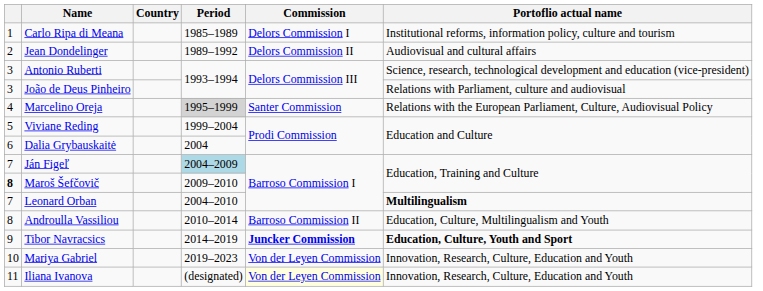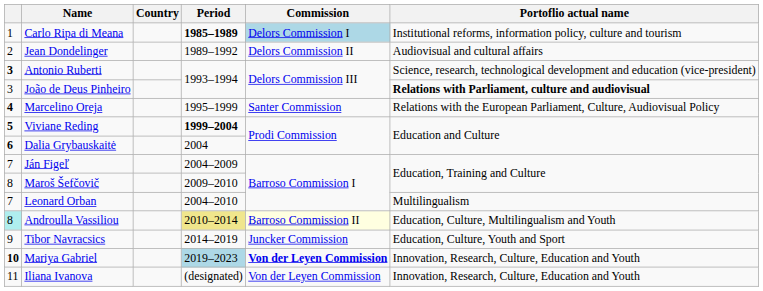 <table class="wikitable">
 <tr>
 <th></th>
 <th>Name</th>
 <th>Country</th>
 <th>Period</th>
 <th>Commission</th>
 <th>Portoflio actual name</th>
 </tr>
 <tr>
 <td>1</td>
 <td><a href='#'>Carlo Ripa di Meana</a></td>
 <td></td>
-<td>1985–1989</td>
-<td><a href='#'>Delors Commission</a> I</td>
+<td><strong>1985–1989</strong></td>
+<td style="background: lightblue;"><a href='#'>Delors Commission</a> I</td>
 <td>Institutional reforms, information policy, culture and tourism</td>
 </tr>
 <tr>
 <td>2</td>
 <td><a href='#'>Jean Dondelinger</a></td>
 <td></td>
 <td>1989–1992</td>
 <td><a href='#'>Delors Commission</a> II</td>
 <td>Audiovisual and cultural affairs</td>
 </tr>
 <tr>
-<td>3</td>
+<td><strong>3</strong></td>
 <td><a href='#'>Antonio Ruberti</a></td>
 <td></td>
 <td rowspan="2">1993–1994</td>
 <td rowspan="2"><a href='#'>Delors Commission</a> III</td>
 <td>Science, research, technological development and education (vice-president)</td>
 </tr>
 <tr>
 <td>3</td>
 <td><a href='#'>João de Deus Pinheiro</a></td>
 <td></td>
-<td>Relations with Parliament, culture and audiovisual</td>
+<td><strong>Relations with Parliament, culture and audiovisual</strong></td>
 </tr>
 <tr>
-<td>4</td>
+<td><strong>4</strong></td>
 <td><a href='#'>Marcelino Oreja</a></td>
 <td></td>
-<td style="background: lightgrey;">1995–1999</td>
+<td>1995–1999</td>
 <td><a href='#'>Santer Commission</a></td>
 <td>Relations with the European Parliament, Culture, Audiovisual Policy</td>
 </tr>
 <tr>
-<td>5</td>
+<td><strong>5</strong></td>
 <td><a href='#'>Viviane Reding</a></td>
 <td></td>
-<td>1999–2004</td>
+<td><strong>1999–2004</strong></td>
 <td rowspan="2"><a href='#'>Prodi Commission</a></td>
 <td rowspan="2">Education and Culture</td>
 </tr>
 <tr>
-<td>6</td>
+<td><strong>6</strong></td>
 <td><a href='#'>Dalia Grybauskaitė</a></td>
 <td></td>
 <td>2004</td>
 </tr>
 <tr>
 <td>7</td>
 <td><a href='#'>Ján Figeľ</a></td>
 <td></td>
-<td style="background: lightblue;">2004–2009</td>
+<td>2004–2009</td>
 <td rowspan="3"><a href='#'>Barroso Commission</a> I</td>
 <td rowspan="2">Education, Training and Culture</td>
 </tr>
 <tr>
-<td><strong>8</strong></td>
+<td>8</td>
 <td><a href='#'>Maroš Šefčovič</a></td>
 <td></td>
 <td>2009–2010</td>
 </tr>
 <tr>
 <td>7</td>
 <td><a href='#'>Leonard Orban</a></td>
 <td></td>
 <td>2004–2010</td>
-<td><strong>Multilingualism</strong></td>
+<td>Multilingualism</td>
 </tr>
 <tr>
-<td>8</td>
+<td style="background: paleturquoise;">8</td>
 <td><a href='#'>Androulla Vassiliou</a></td>
 <td></td>
-<td>2010–2014</td>
-<td><a href='#'>Barroso Commission</a> II</td>
+<td style="background: khaki;">2010–2014</td>
+<td style="background: lightyellow;"><a href='#'>Barroso Commission</a> II</td>
 <td>Education, Culture, Multilingualism and Youth</td>
 </tr>
 <tr>
 <td>9</td>
 <td><a href='#'>Tibor Navracsics</a></td>
 <td></td>
 <td>2014–2019</td>
-<td><strong><a href='#'>Juncker Commission</a></strong></td>
-<td><strong>Education, Culture, Youth and Sport</strong></td>
+<td><a href='#'>Juncker Commission</a></td>
+<td>Education, Culture, Youth and Sport</td>
 </tr>
 <tr>
-<td>10</td>
+<td><strong>10</strong></td>
 <td><a href='#'>Mariya Gabriel</a></td>
 <td></td>
-<td>2019–2023</td>
-<td><a href='#'>Von der Leyen Commission</a></td>
+<td style="background: lightblue;">2019–2023</td>
+<td><strong><a href='#'>Von der Leyen Commission</a></strong></td>
 <td>Innovation, Research, Culture, Education and Youth</td>
 </tr>
 <tr>
 <td>11</td>
 <td><a href='#'>Iliana Ivanova</a></td>
 <td></td>
 <td>(designated)</td>
-<td style="background: lightyellow;"><a href='#'>Von der Leyen Commission</a></td>
+<td><a href='#'>Von der Leyen Commission</a></td>
 <td>Innovation, Research, Culture, Education and Youth</td>
 </tr>
 </table>
